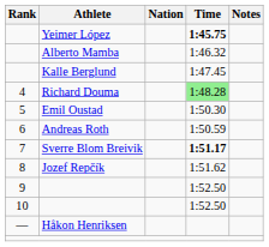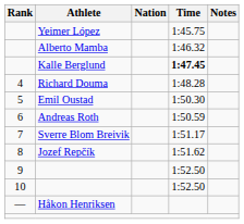 <table class="wikitable sortable" style="text-align:center;">
 <tr>
 <th scope="col" style="width: 10px;">Rank</th>
 <th scope="col">Athlete</th>
 <th scope="col">Nation</th>
 <th scope="col">Time</th>
 <th scope="col">Notes</th>
 </tr>
 <tr>
 <td></td>
 <td align=left><a href='#'>Yeimer López</a></td>
 <td align=left></td>
-<td><strong>1:45.75</strong></td>
+<td>1:45.75</td>
 <td></td>
 </tr>
 <tr>
 <td></td>
 <td align=left><a href='#'>Alberto Mamba</a></td>
 <td align=left></td>
 <td>1:46.32</td>
 <td><strong></strong></td>
 </tr>
 <tr>
 <td></td>
 <td align=left><a href='#'>Kalle Berglund</a></td>
 <td align=left></td>
-<td>1:47.45</td>
+<td><strong>1:47.45</strong></td>
 <td></td>
 </tr>
 <tr>
 <td>4</td>
 <td align=left><a href='#'>Richard Douma</a></td>
 <td align=left></td>
-<td style="background: lightgreen;">1:48.28</td>
+<td>1:48.28</td>
 <td></td>
 </tr>
 <tr>
 <td>5</td>
 <td align=left><a href='#'>Emil Oustad</a></td>
 <td align=left></td>
 <td>1:50.30</td>
 <td></td>
 </tr>
 <tr>
 <td>6</td>
 <td align=left><a href='#'>Andreas Roth</a></td>
 <td align=left></td>
 <td>1:50.59</td>
 <td></td>
 </tr>
 <tr>
 <td>7</td>
 <td align=left><a href='#'>Sverre Blom Breivik</a></td>
 <td align=left></td>
-<td><strong>1:51.17</strong></td>
+<td>1:51.17</td>
 <td></td>
 </tr>
 <tr>
 <td>8</td>
 <td align=left><a href='#'>Jozef Repčík</a></td>
 <td align=left></td>
 <td>1:51.62</td>
 <td></td>
 </tr>
 <tr>
 <td>9</td>
 <td align=left></td>
 <td align=left></td>
 <td>1:52.50</td>
 <td></td>
 </tr>
 <tr>
 <td>10</td>
 <td align=left></td>
 <td align=left></td>
 <td>1:52.50</td>
 <td></td>
 </tr>
 <tr>
 <td>—</td>
 <td align=left><a href='#'>Håkon Henriksen</a></td>
 <td align=left></td>
 <td></td>
 <td></td>
 </tr>
 <tr class="sortbottom">
 <td colspan="5"></td>
 </tr>
 </table>
